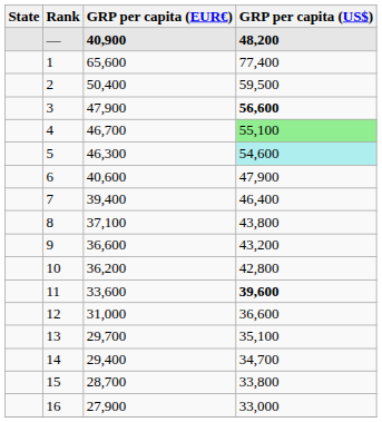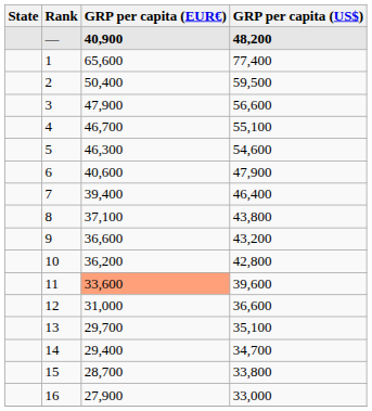 <table class="wikitable sortable">
 <tr align=center valign=middle>
 <th>State</th>
 <th data-sort-type="number">Rank</th>
 <th data-sort-type="number">GRP per capita (<a href='#'>EUR€</a>)</th>
 <th data-sort-type="number">GRP per capita (<a href='#'>US$</a>)</th>
 </tr>
 <tr style="background:#e6e6e6">
 <td align=left><strong></strong></td>
 <td>—</td>
 <td><strong>40,900</strong></td>
 <td><strong>48,200</strong></td>
 </tr>
 <tr>
 <td align=left></td>
 <td>1</td>
 <td>65,600</td>
 <td>77,400</td>
 </tr>
 <tr>
 <td align=left></td>
 <td>2</td>
 <td>50,400</td>
 <td>59,500</td>
 </tr>
 <tr>
 <td align=left></td>
 <td>3</td>
 <td>47,900</td>
-<td><strong>56,600</strong></td>
+<td>56,600</td>
 </tr>
 <tr>
 <td align=left></td>
 <td>4</td>
 <td>46,700</td>
-<td style="background: lightgreen;">55,100</td>
+<td>55,100</td>
 </tr>
 <tr>
 <td align=left></td>
 <td>5</td>
 <td>46,300</td>
-<td style="background: paleturquoise;">54,600</td>
+<td>54,600</td>
 </tr>
 <tr>
 <td align=left></td>
 <td>6</td>
 <td>40,600</td>
 <td>47,900</td>
 </tr>
 <tr>
 <td align=left></td>
 <td>7</td>
 <td>39,400</td>
 <td>46,400</td>
 </tr>
 <tr>
 <td align=left></td>
 <td>8</td>
 <td>37,100</td>
 <td>43,800</td>
 </tr>
 <tr>
 <td align=left></td>
 <td>9</td>
 <td>36,600</td>
 <td>43,200</td>
 </tr>
 <tr>
 <td align=left></td>
 <td>10</td>
 <td>36,200</td>
 <td>42,800</td>
 </tr>
 <tr>
 <td align=left></td>
 <td>11</td>
-<td>33,600</td>
-<td><strong>39,600</strong></td>
+<td style="background: lightsalmon;">33,600</td>
+<td>39,600</td>
 </tr>
 <tr>
 <td align=left></td>
 <td>12</td>
 <td>31,000</td>
 <td>36,600</td>
 </tr>
 <tr>
 <td align=left></td>
 <td>13</td>
 <td>29,700</td>
 <td>35,100</td>
 </tr>
 <tr>
 <td align=left></td>
 <td>14</td>
 <td>29,400</td>
 <td>34,700</td>
 </tr>
 <tr>
 <td align=left></td>
 <td>15</td>
 <td>28,700</td>
 <td>33,800</td>
 </tr>
 <tr>
 <td align=left></td>
 <td>16</td>
 <td>27,900</td>
 <td>33,000</td>
 </tr>
 <tr>
 </tr>
 </table>
